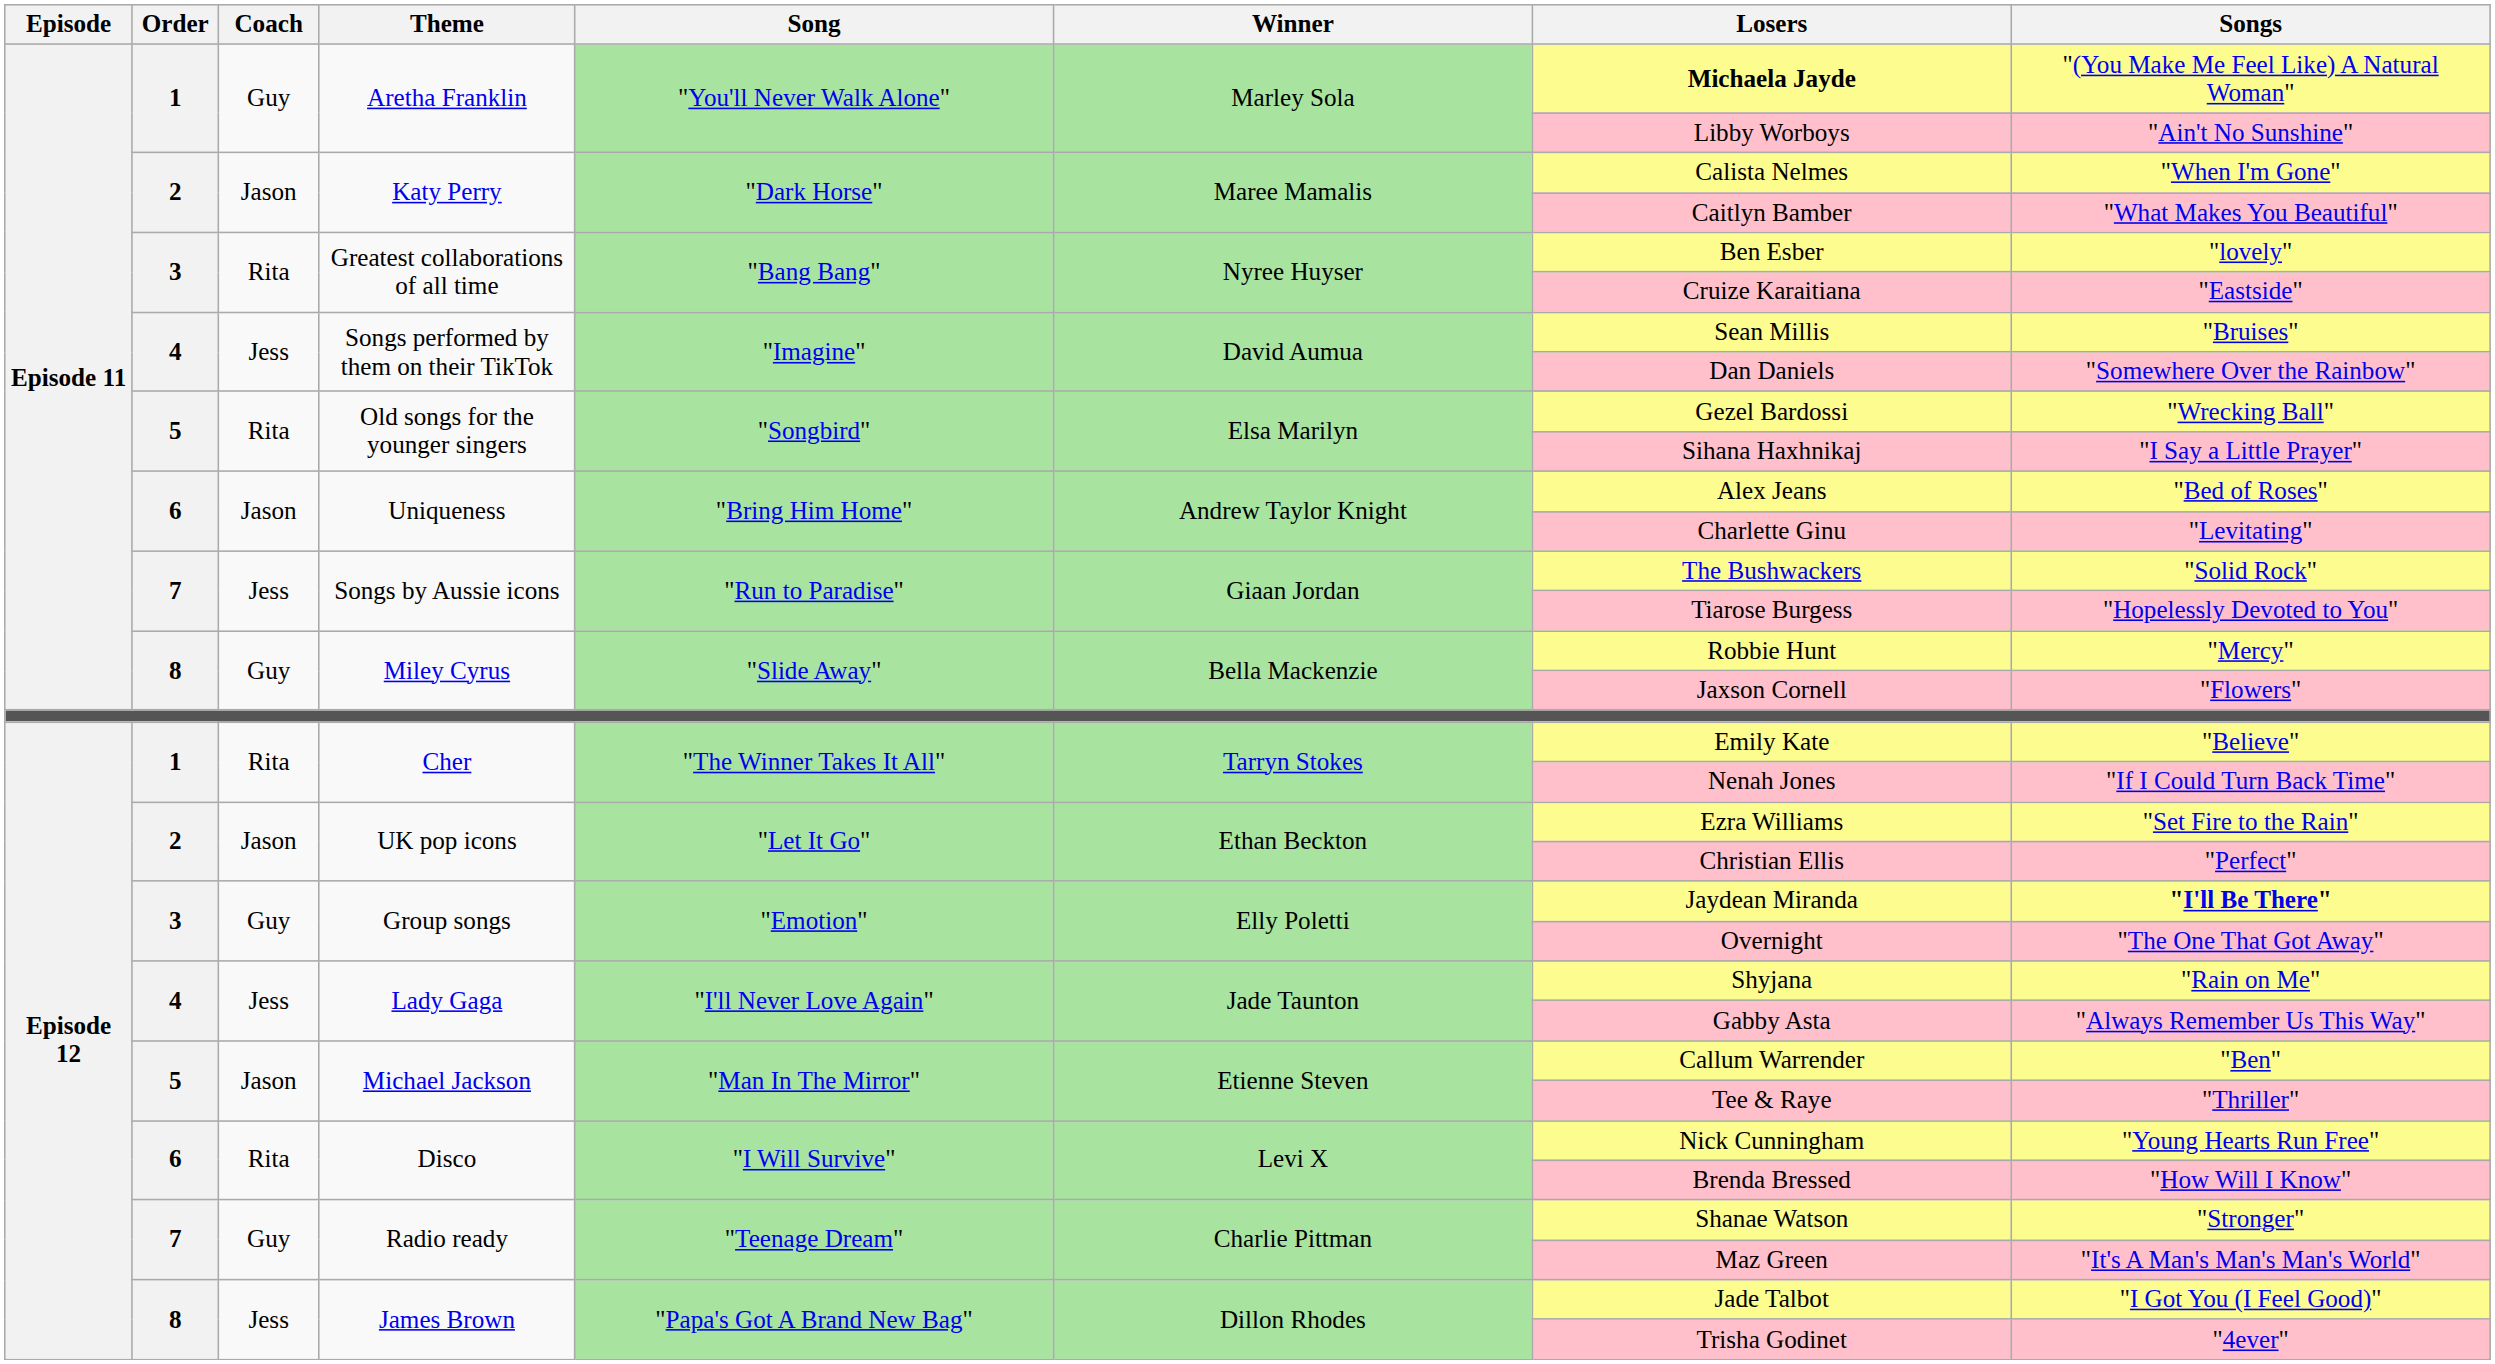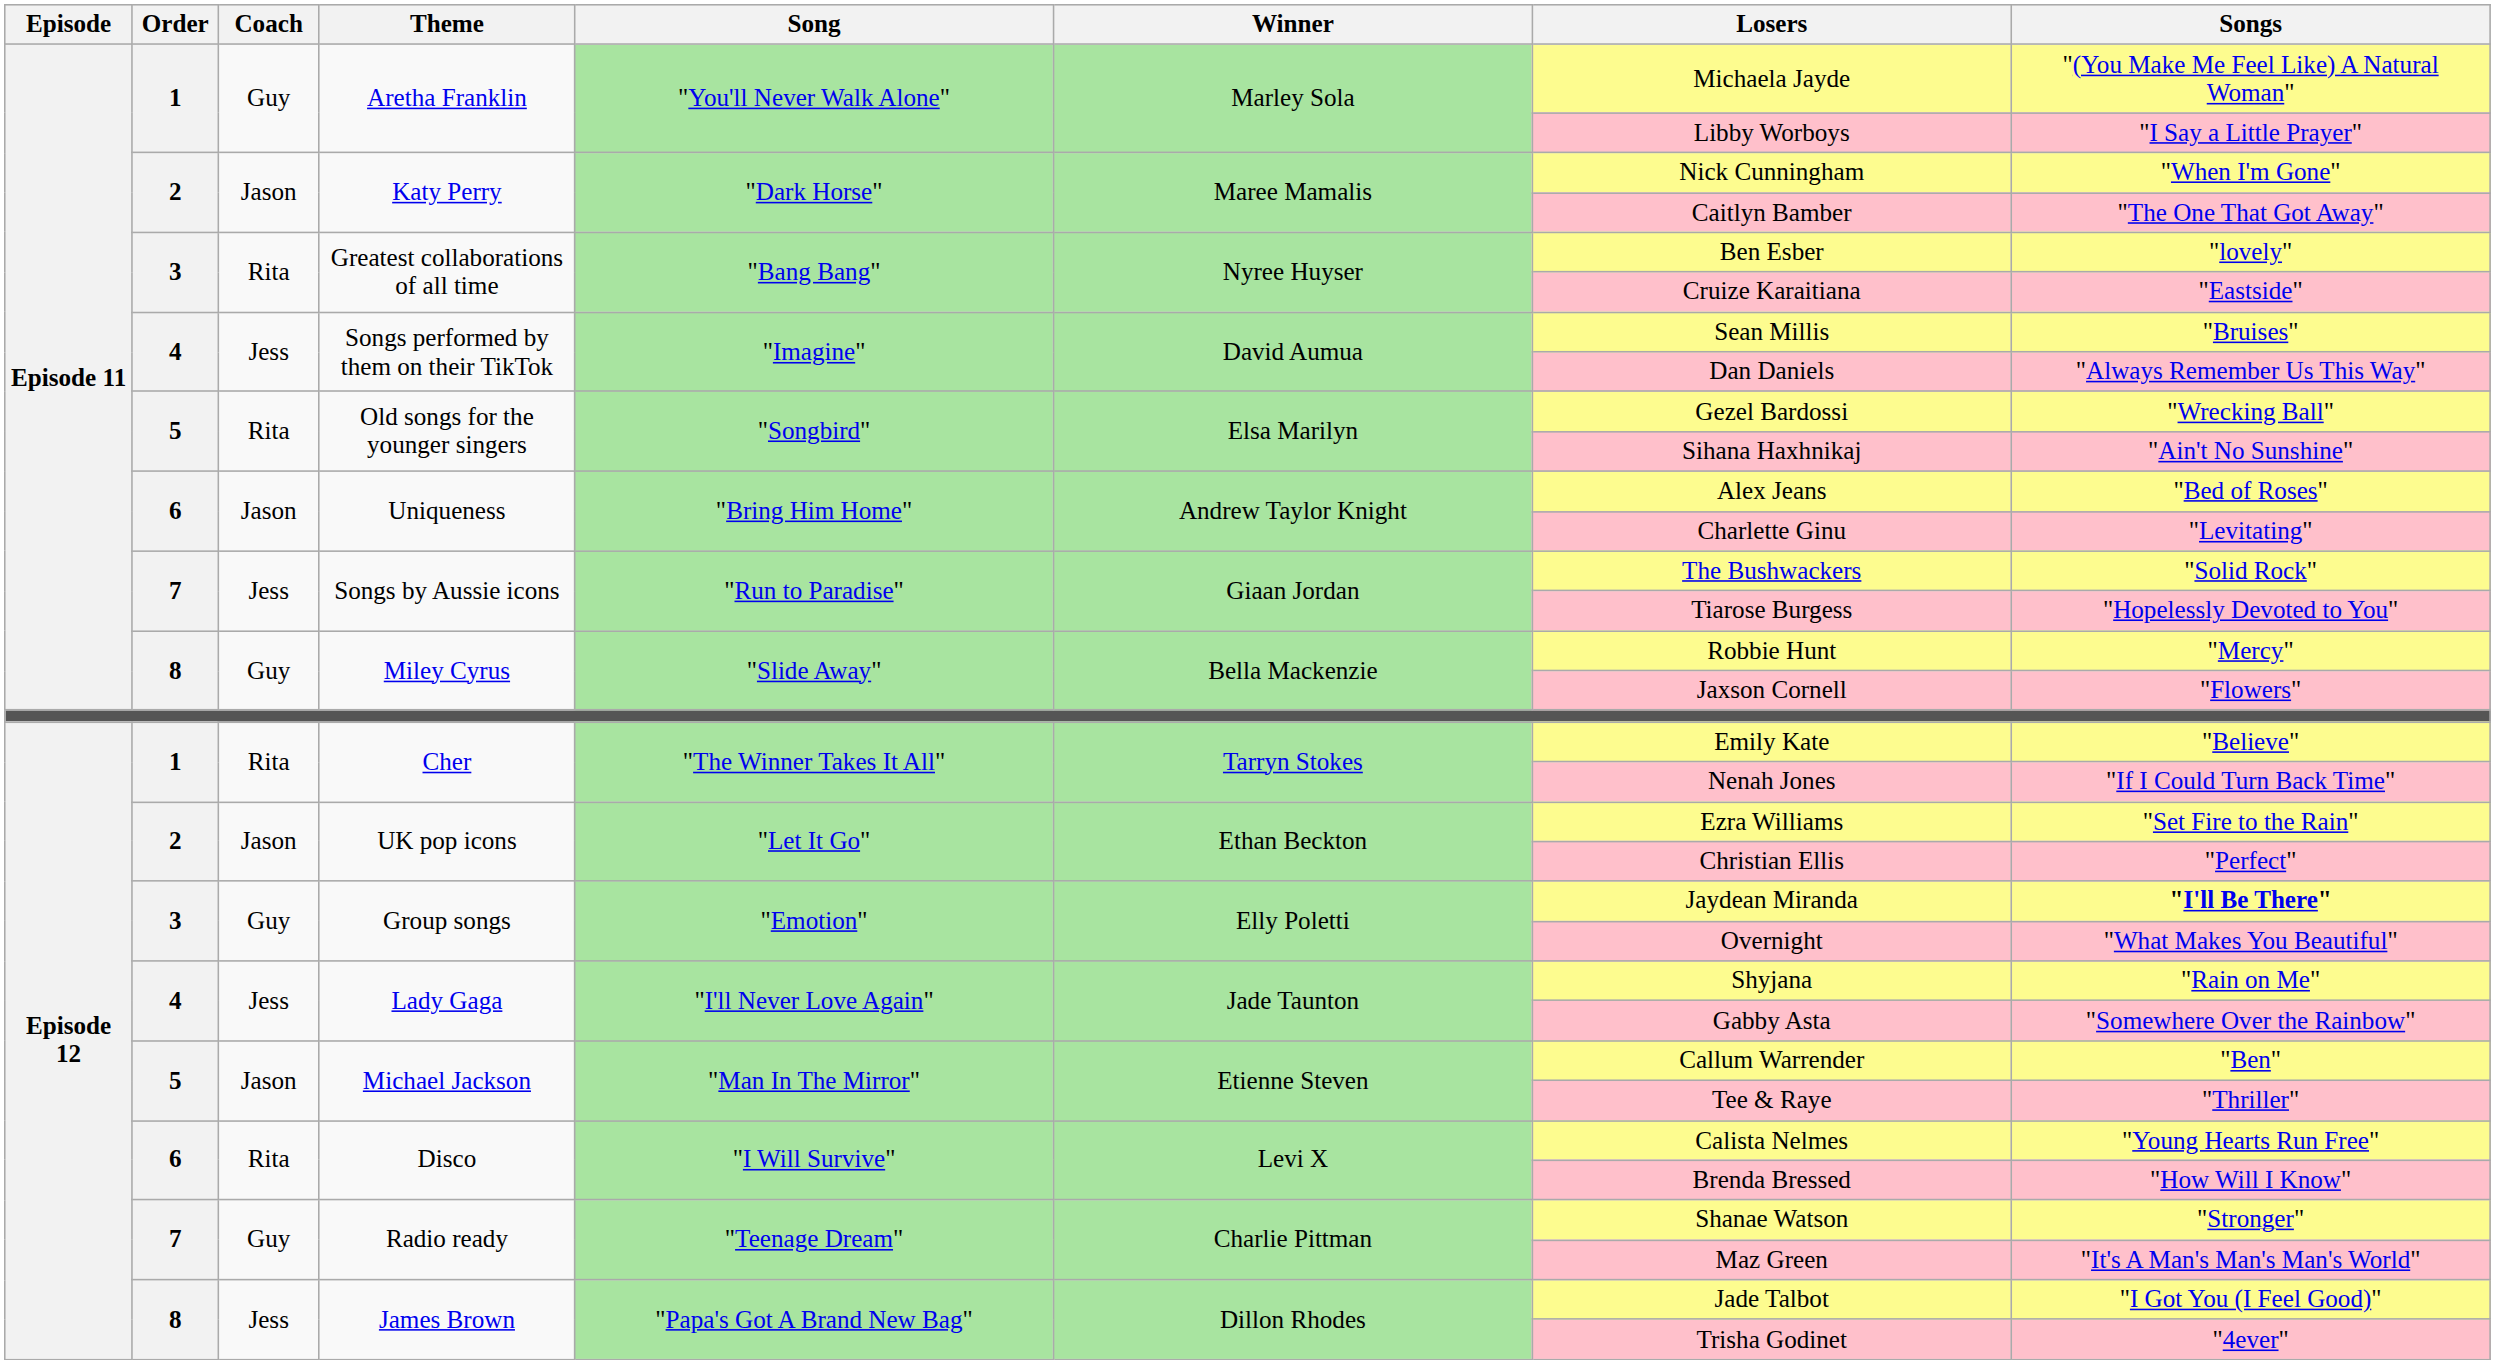 <table class="wikitable" style="text-align: center; width: 100%">
 <tr>
 <th style="width:04%">Episode</th>
 <th style="width:01%">Order</th>
 <th style="width:03%">Coach</th>
 <th style="width:08%">Theme</th>
 <th style="width:15%">Song</th>
 <th style="width:15%">Winner</th>
 <th style="width:15%">Losers</th>
 <th style="width:15%">Songs</th>
 </tr>
 <tr>
 <th scope="row" rowspan="16">Episode 11<br></th>
 <th rowspan="2">1</th>
 <td rowspan="2">Guy</td>
 <td rowspan="2"><a href='#'>Aretha Franklin</a></td>
 <td rowspan="2" bgcolor="#A8E4A0">"<a href='#'>You'll Never Walk Alone</a>"</td>
 <td rowspan="2" bgcolor="#A8E4A0">Marley Sola</td>
-<td bgcolor="#FDFC8F"><strong>Michaela Jayde</strong></td>
+<td bgcolor="#FDFC8F">Michaela Jayde</td>
 <td bgcolor="#FDFC8F">"<a href='#'>(You Make Me Feel Like) A Natural Woman</a>"</td>
 </tr>
 <tr>
 <td bgcolor="pink">Libby Worboys</td>
-<td bgcolor="pink">"<a href='#'>Ain't No Sunshine</a>"</td>
+<td bgcolor="pink">"<a href='#'>I Say a Little Prayer</a>"</td>
 </tr>
 <tr>
 <th rowspan="2">2</th>
 <td rowspan="2">Jason</td>
 <td rowspan="2"><a href='#'>Katy Perry</a></td>
 <td rowspan="2" bgcolor="#A8E4A0">"<a href='#'>Dark Horse</a>"</td>
 <td rowspan="2" bgcolor="#A8E4A0">Maree Mamalis</td>
-<td bgcolor="#FDFC8F">Calista Nelmes</td>
+<td bgcolor="#FDFC8F">Nick Cunningham</td>
 <td bgcolor="#FDFC8F">"<a href='#'>When I'm Gone</a>"</td>
 </tr>
 <tr>
 <td bgcolor="pink">Caitlyn Bamber</td>
-<td bgcolor="pink">"<a href='#'>What Makes You Beautiful</a>"</td>
+<td bgcolor="pink">"<a href='#'>The One That Got Away</a>"</td>
 </tr>
 <tr>
 <th rowspan="2">3</th>
 <td rowspan="2">Rita</td>
 <td rowspan="2">Greatest collaborations of all time</td>
 <td rowspan="2" bgcolor="#A8E4A0">"<a href='#'>Bang Bang</a>"</td>
 <td rowspan="2" bgcolor="#A8E4A0">Nyree Huyser</td>
 <td bgcolor="#FDFC8F">Ben Esber</td>
 <td bgcolor="#FDFC8F">"<a href='#'>lovely</a>"</td>
 </tr>
 <tr>
 <td bgcolor="pink">Cruize Karaitiana</td>
 <td bgcolor="pink">"<a href='#'>Eastside</a>"</td>
 </tr>
 <tr>
 <th rowspan="2">4</th>
 <td rowspan="2">Jess</td>
 <td rowspan="2">Songs performed by them on their TikTok</td>
 <td rowspan="2" bgcolor="#A8E4A0">"<a href='#'>Imagine</a>"</td>
 <td rowspan="2" bgcolor="#A8E4A0">David Aumua</td>
 <td bgcolor="#FDFC8F">Sean Millis</td>
 <td bgcolor="#FDFC8F">"<a href='#'>Bruises</a>"</td>
 </tr>
 <tr>
 <td bgcolor="pink">Dan Daniels</td>
-<td bgcolor="pink">"<a href='#'>Somewhere Over the Rainbow</a>"</td>
+<td bgcolor="pink">"<a href='#'>Always Remember Us This Way</a>"</td>
 </tr>
 <tr>
 <th rowspan="2">5</th>
 <td rowspan="2">Rita</td>
 <td rowspan="2">Old songs for the younger singers</td>
 <td rowspan="2" bgcolor="#A8E4A0">"<a href='#'>Songbird</a>"</td>
 <td rowspan="2" bgcolor="#A8E4A0">Elsa Marilyn</td>
 <td bgcolor="#FDFC8F">Gezel Bardossi</td>
 <td bgcolor="#FDFC8F">"<a href='#'>Wrecking Ball</a>"</td>
 </tr>
 <tr>
 <td bgcolor="pink">Sihana Haxhnikaj</td>
-<td bgcolor="pink">"<a href='#'>I Say a Little Prayer</a>"</td>
+<td bgcolor="pink">"<a href='#'>Ain't No Sunshine</a>"</td>
 </tr>
 <tr>
 <th rowspan="2">6</th>
 <td rowspan="2">Jason</td>
 <td rowspan="2">Uniqueness</td>
 <td rowspan="2" bgcolor="#A8E4A0">"<a href='#'>Bring Him Home</a>"</td>
 <td rowspan="2" bgcolor="#A8E4A0">Andrew Taylor Knight</td>
 <td bgcolor="#FDFC8F">Alex Jeans</td>
 <td bgcolor="#FDFC8F">"<a href='#'>Bed of Roses</a>"</td>
 </tr>
 <tr>
 <td bgcolor="pink">Charlette Ginu</td>
 <td bgcolor="pink">"<a href='#'>Levitating</a>"</td>
 </tr>
 <tr>
 <th rowspan="2">7</th>
 <td rowspan="2">Jess</td>
 <td rowspan="2">Songs by Aussie icons</td>
 <td rowspan="2" bgcolor="#A8E4A0">"<a href='#'>Run to Paradise</a>"</td>
 <td rowspan="2" bgcolor="#A8E4A0">Giaan Jordan</td>
 <td bgcolor="#FDFC8F"><a href='#'>The Bushwackers</a></td>
 <td bgcolor="#FDFC8F">"<a href='#'>Solid Rock</a>"</td>
 </tr>
 <tr>
 <td bgcolor="pink">Tiarose Burgess</td>
 <td bgcolor="pink">"<a href='#'>Hopelessly Devoted to You</a>"</td>
 </tr>
 <tr>
 <th rowspan="2">8</th>
 <td rowspan="2">Guy</td>
 <td rowspan="2"><a href='#'>Miley Cyrus</a></td>
 <td rowspan="2" bgcolor="#A8E4A0">"<a href='#'>Slide Away</a>"</td>
 <td rowspan="2" bgcolor="#A8E4A0">Bella Mackenzie</td>
 <td bgcolor="#FDFC8F">Robbie Hunt</td>
 <td bgcolor="#FDFC8F">"<a href='#'>Mercy</a>"</td>
 </tr>
 <tr>
 <td bgcolor="pink">Jaxson Cornell</td>
 <td bgcolor="pink">"<a href='#'>Flowers</a>"</td>
 </tr>
 <tr>
 <td colspan="12" style="background:#555"></td>
 </tr>
 <tr>
 <th scope="row" rowspan="16">Episode 12<br></th>
 <th rowspan="2">1</th>
 <td rowspan="2">Rita</td>
 <td rowspan="2"><a href='#'>Cher</a></td>
 <td rowspan="2" bgcolor="#A8E4A0">"<a href='#'>The Winner Takes It All</a>"</td>
 <td rowspan="2" bgcolor="#A8E4A0"><a href='#'>Tarryn Stokes</a></td>
 <td bgcolor="#FDFC8F">Emily Kate</td>
 <td bgcolor="#FDFC8F">"<a href='#'>Believe</a>"</td>
 </tr>
 <tr>
 <td bgcolor="pink">Nenah Jones</td>
 <td bgcolor="pink">"<a href='#'>If I Could Turn Back Time</a>"</td>
 </tr>
 <tr>
 <th rowspan="2">2</th>
 <td rowspan="2">Jason</td>
 <td rowspan="2">UK pop icons</td>
 <td rowspan="2" bgcolor="#A8E4A0">"<a href='#'>Let It Go</a>"</td>
 <td rowspan="2" bgcolor="#A8E4A0">Ethan Beckton</td>
 <td bgcolor="#FDFC8F">Ezra Williams</td>
 <td bgcolor="#FDFC8F">"<a href='#'>Set Fire to the Rain</a>"</td>
 </tr>
 <tr>
 <td bgcolor="pink">Christian Ellis</td>
 <td bgcolor="pink">"<a href='#'>Perfect</a>"</td>
 </tr>
 <tr>
 <th rowspan="2">3</th>
 <td rowspan="2">Guy</td>
 <td rowspan="2">Group songs</td>
 <td rowspan="2" bgcolor="#A8E4A0">"<a href='#'>Emotion</a>"</td>
 <td rowspan="2" bgcolor="#A8E4A0">Elly Poletti</td>
 <td bgcolor="#FDFC8F">Jaydean Miranda</td>
 <td bgcolor="#FDFC8F"><strong>"<a href='#'>I'll Be There</a>"</strong></td>
 </tr>
 <tr>
 <td bgcolor="pink">Overnight</td>
-<td bgcolor="pink">"<a href='#'>The One That Got Away</a>"</td>
+<td bgcolor="pink">"<a href='#'>What Makes You Beautiful</a>"</td>
 </tr>
 <tr>
 <th rowspan="2">4</th>
 <td rowspan="2">Jess</td>
 <td rowspan="2"><a href='#'>Lady Gaga</a></td>
 <td rowspan="2" bgcolor="#A8E4A0">"<a href='#'>I'll Never Love Again</a>"</td>
 <td rowspan="2" bgcolor="#A8E4A0">Jade Taunton</td>
 <td bgcolor="#FDFC8F">Shyjana</td>
 <td bgcolor="#FDFC8F">"<a href='#'>Rain on Me</a>"</td>
 </tr>
 <tr>
 <td bgcolor="pink">Gabby Asta</td>
-<td bgcolor="pink">"<a href='#'>Always Remember Us This Way</a>"</td>
+<td bgcolor="pink">"<a href='#'>Somewhere Over the Rainbow</a>"</td>
 </tr>
 <tr>
 <th rowspan="2">5</th>
 <td rowspan="2">Jason</td>
 <td rowspan="2"><a href='#'>Michael Jackson</a></td>
 <td rowspan="2" bgcolor="#A8E4A0">"<a href='#'>Man In The Mirror</a>"</td>
 <td rowspan="2" bgcolor="#A8E4A0">Etienne Steven</td>
 <td bgcolor="#FDFC8F">Callum Warrender</td>
 <td bgcolor="#FDFC8F">"<a href='#'>Ben</a>"</td>
 </tr>
 <tr>
 <td bgcolor="pink">Tee & Raye</td>
 <td bgcolor="pink">"<a href='#'>Thriller</a>"</td>
 </tr>
 <tr>
 <th rowspan="2">6</th>
 <td rowspan="2">Rita</td>
 <td rowspan="2">Disco</td>
 <td rowspan="2" bgcolor="#A8E4A0">"<a href='#'>I Will Survive</a>"</td>
 <td rowspan="2" bgcolor="#A8E4A0">Levi X</td>
-<td bgcolor="#FDFC8F">Nick Cunningham</td>
+<td bgcolor="#FDFC8F">Calista Nelmes</td>
 <td bgcolor="#FDFC8F">"<a href='#'>Young Hearts Run Free</a>"</td>
 </tr>
 <tr>
 <td bgcolor="pink">Brenda Bressed</td>
 <td bgcolor="pink">"<a href='#'>How Will I Know</a>"</td>
 </tr>
 <tr>
 <th rowspan="2">7</th>
 <td rowspan="2">Guy</td>
 <td rowspan="2">Radio ready</td>
 <td rowspan="2" bgcolor="#A8E4A0">"<a href='#'>Teenage Dream</a>"</td>
 <td rowspan="2" bgcolor="#A8E4A0">Charlie Pittman</td>
 <td bgcolor="#FDFC8F">Shanae Watson</td>
 <td bgcolor="#FDFC8F">"<a href='#'>Stronger</a>"</td>
 </tr>
 <tr>
 <td bgcolor="pink">Maz Green</td>
 <td bgcolor="pink">"<a href='#'>It's A Man's Man's Man's World</a>"</td>
 </tr>
 <tr>
 <th rowspan="2">8</th>
 <td rowspan="2">Jess</td>
 <td rowspan="2"><a href='#'>James Brown</a></td>
 <td rowspan="2" bgcolor="#A8E4A0">"<a href='#'>Papa's Got A Brand New Bag</a>"</td>
 <td rowspan="2" bgcolor="#A8E4A0">Dillon Rhodes</td>
 <td bgcolor="#FDFC8F">Jade Talbot</td>
 <td bgcolor="#FDFC8F">"<a href='#'>I Got You (I Feel Good)</a>"</td>
 </tr>
 <tr>
 <td bgcolor="pink">Trisha Godinet</td>
 <td bgcolor="pink">"<a href='#'>4ever</a>"</td>
 </tr>
 </table>
